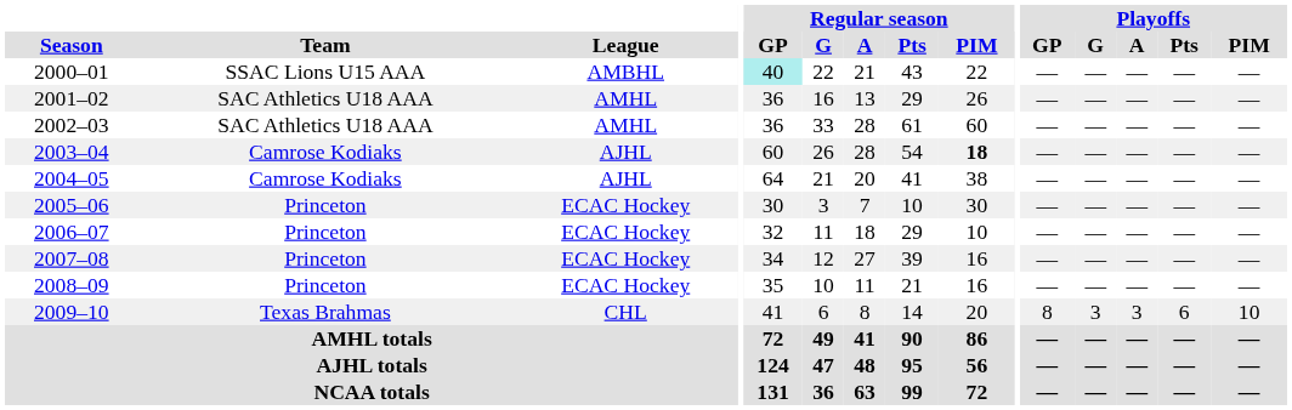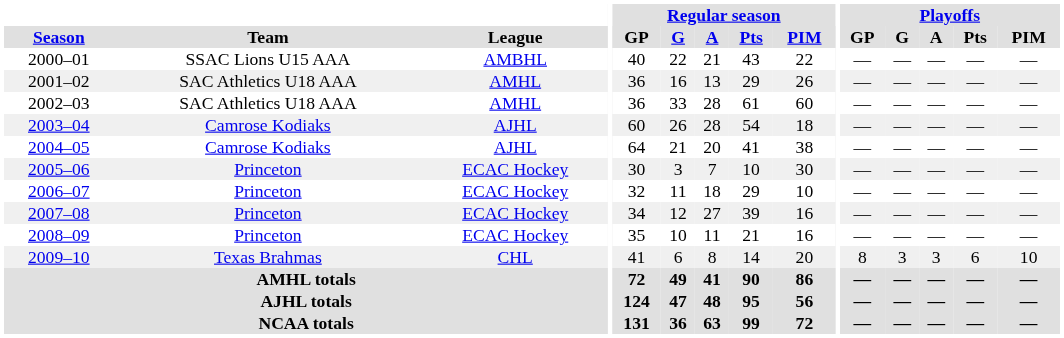 <table border="0" cellpadding="1" cellspacing="0" style="text-align:center; width:60em">
 <tr bgcolor="#e0e0e0">
 <th colspan="3" bgcolor="#ffffff"></th>
 <th rowspan="100" bgcolor="#ffffff"></th>
 <th colspan="5"><a href='#'>Regular season</a></th>
 <th rowspan="100" bgcolor="#ffffff"></th>
 <th colspan="5"><a href='#'>Playoffs</a></th>
 </tr>
 <tr bgcolor="#e0e0e0">
 <th><a href='#'>Season</a></th>
 <th>Team</th>
 <th>League</th>
 <th>GP</th>
 <th><a href='#'>G</a></th>
 <th><a href='#'>A</a></th>
 <th><a href='#'>Pts</a></th>
 <th><a href='#'>PIM</a></th>
 <th>GP</th>
 <th>G</th>
 <th>A</th>
 <th>Pts</th>
 <th>PIM</th>
 </tr>
 <tr>
 <td>2000–01</td>
 <td>SSAC Lions U15 AAA</td>
 <td><a href='#'>AMBHL</a></td>
-<td style="background: paleturquoise;">40</td>
+<td>40</td>
 <td>22</td>
 <td>21</td>
 <td>43</td>
 <td>22</td>
 <td>—</td>
 <td>—</td>
 <td>—</td>
 <td>—</td>
 <td>—</td>
 </tr>
 <tr bgcolor="f0f0f0">
 <td>2001–02</td>
 <td>SAC Athletics U18 AAA</td>
 <td><a href='#'>AMHL</a></td>
 <td>36</td>
 <td>16</td>
 <td>13</td>
 <td>29</td>
 <td>26</td>
 <td>—</td>
 <td>—</td>
 <td>—</td>
 <td>—</td>
 <td>—</td>
 </tr>
 <tr>
 <td>2002–03</td>
 <td>SAC Athletics U18 AAA</td>
 <td><a href='#'>AMHL</a></td>
 <td>36</td>
 <td>33</td>
 <td>28</td>
 <td>61</td>
 <td>60</td>
 <td>—</td>
 <td>—</td>
 <td>—</td>
 <td>—</td>
 <td>—</td>
 </tr>
 <tr bgcolor="f0f0f0">
 <td><a href='#'>2003–04</a></td>
 <td><a href='#'>Camrose Kodiaks</a></td>
 <td><a href='#'>AJHL</a></td>
 <td>60</td>
 <td>26</td>
 <td>28</td>
 <td>54</td>
-<td><strong>18</strong></td>
+<td>18</td>
 <td>—</td>
 <td>—</td>
 <td>—</td>
 <td>—</td>
 <td>—</td>
 </tr>
 <tr>
 <td><a href='#'>2004–05</a></td>
 <td><a href='#'>Camrose Kodiaks</a></td>
 <td><a href='#'>AJHL</a></td>
 <td>64</td>
 <td>21</td>
 <td>20</td>
 <td>41</td>
 <td>38</td>
 <td>—</td>
 <td>—</td>
 <td>—</td>
 <td>—</td>
 <td>—</td>
 </tr>
 <tr bgcolor="f0f0f0">
 <td><a href='#'>2005–06</a></td>
 <td><a href='#'>Princeton</a></td>
 <td><a href='#'>ECAC Hockey</a></td>
 <td>30</td>
 <td>3</td>
 <td>7</td>
 <td>10</td>
 <td>30</td>
 <td>—</td>
 <td>—</td>
 <td>—</td>
 <td>—</td>
 <td>—</td>
 </tr>
 <tr>
 <td><a href='#'>2006–07</a></td>
 <td><a href='#'>Princeton</a></td>
 <td><a href='#'>ECAC Hockey</a></td>
 <td>32</td>
 <td>11</td>
 <td>18</td>
 <td>29</td>
 <td>10</td>
 <td>—</td>
 <td>—</td>
 <td>—</td>
 <td>—</td>
 <td>—</td>
 </tr>
 <tr bgcolor="f0f0f0">
 <td><a href='#'>2007–08</a></td>
 <td><a href='#'>Princeton</a></td>
 <td><a href='#'>ECAC Hockey</a></td>
 <td>34</td>
 <td>12</td>
 <td>27</td>
 <td>39</td>
 <td>16</td>
 <td>—</td>
 <td>—</td>
 <td>—</td>
 <td>—</td>
 <td>—</td>
 </tr>
 <tr>
 <td><a href='#'>2008–09</a></td>
 <td><a href='#'>Princeton</a></td>
 <td><a href='#'>ECAC Hockey</a></td>
 <td>35</td>
 <td>10</td>
 <td>11</td>
 <td>21</td>
 <td>16</td>
 <td>—</td>
 <td>—</td>
 <td>—</td>
 <td>—</td>
 <td>—</td>
 </tr>
 <tr bgcolor="f0f0f0">
 <td><a href='#'>2009–10</a></td>
 <td><a href='#'>Texas Brahmas</a></td>
 <td><a href='#'>CHL</a></td>
 <td>41</td>
 <td>6</td>
 <td>8</td>
 <td>14</td>
 <td>20</td>
 <td>8</td>
 <td>3</td>
 <td>3</td>
 <td>6</td>
 <td>10</td>
 </tr>
 <tr bgcolor="#e0e0e0">
 <th colspan="3">AMHL totals</th>
 <th>72</th>
 <th>49</th>
 <th>41</th>
 <th>90</th>
 <th>86</th>
 <th>—</th>
 <th>—</th>
 <th>—</th>
 <th>—</th>
 <th>—</th>
 </tr>
 <tr bgcolor="#e0e0e0">
 <th colspan="3">AJHL totals</th>
 <th>124</th>
 <th>47</th>
 <th>48</th>
 <th>95</th>
 <th>56</th>
 <th>—</th>
 <th>—</th>
 <th>—</th>
 <th>—</th>
 <th>—</th>
 </tr>
 <tr bgcolor="#e0e0e0">
 <th colspan="3">NCAA totals</th>
 <th>131</th>
 <th>36</th>
 <th>63</th>
 <th>99</th>
 <th>72</th>
 <th>—</th>
 <th>—</th>
 <th>—</th>
 <th>—</th>
 <th>—</th>
 </tr>
 </table>
